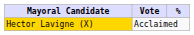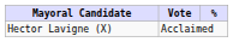 <table class="wikitable">
 <tr>
 <th style="background:#ddf; width:200px;">Mayoral Candidate</th>
 <th style="background:#ddf; width:50px;">Vote</th>
 <th style="background:#ddf; width:30px;">%</th>
 </tr>
 <tr>
-<td style="background: gold;">Hector Lavigne (X)</td>
+<td>Hector Lavigne (X)</td>
 <td colspan="2">Acclaimed</td>
 </tr>
 </table>
